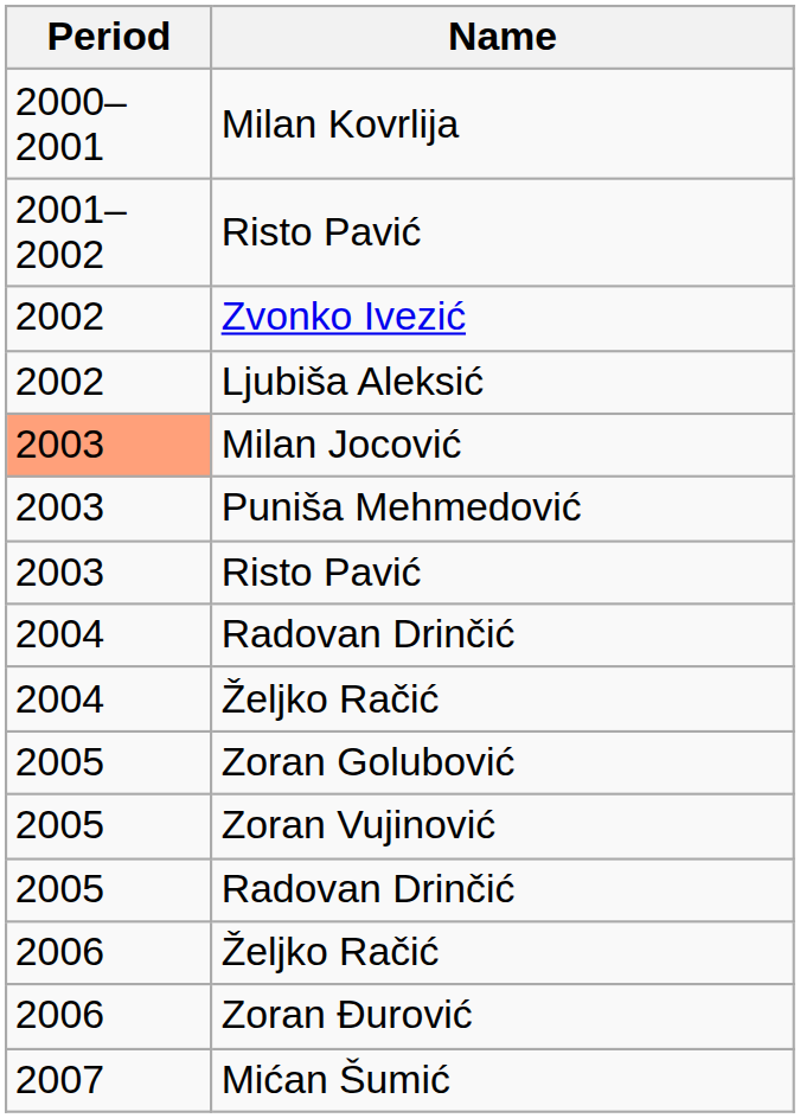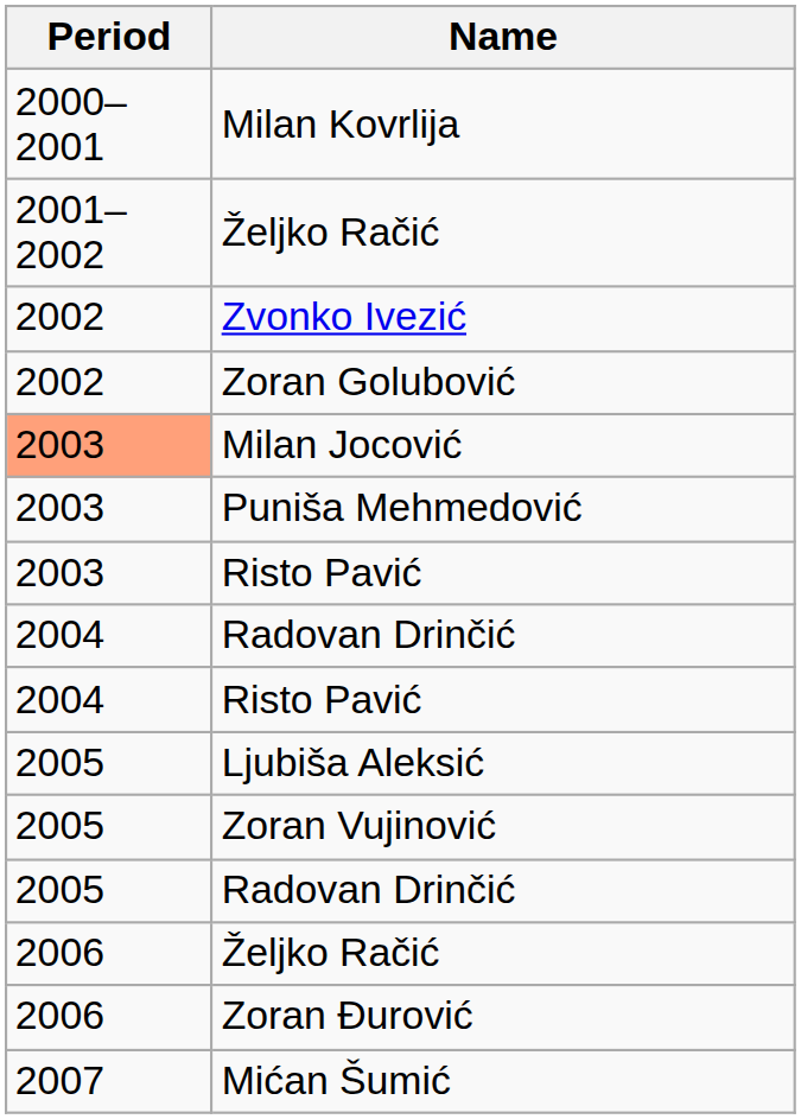 <table class="wikitable">
 <tr>
 <th width="75">Period</th>
 <th width="225">Name</th>
 </tr>
 <tr>
 <td>2000–2001</td>
 <td> Milan Kovrlija</td>
 </tr>
 <tr>
 <td>2001–2002</td>
-<td> Risto Pavić</td>
+<td> Željko Račić</td>
 </tr>
 <tr>
 <td>2002</td>
 <td> <a href='#'>Zvonko Ivezić</a></td>
 </tr>
 <tr>
 <td>2002</td>
-<td> Ljubiša Aleksić</td>
+<td> Zoran Golubović</td>
 </tr>
 <tr>
 <td style="background: lightsalmon;">2003</td>
 <td> Milan Jocović</td>
 </tr>
 <tr>
 <td>2003</td>
 <td> Puniša Mehmedović</td>
 </tr>
 <tr>
 <td>2003</td>
 <td> Risto Pavić</td>
 </tr>
 <tr>
 <td>2004</td>
 <td> Radovan Drinčić</td>
 </tr>
 <tr>
 <td>2004</td>
-<td> Željko Račić</td>
+<td> Risto Pavić</td>
 </tr>
 <tr>
 <td>2005</td>
-<td> Zoran Golubović</td>
+<td> Ljubiša Aleksić</td>
 </tr>
 <tr>
 <td>2005</td>
 <td> Zoran Vujinović</td>
 </tr>
 <tr>
 <td>2005</td>
 <td> Radovan Drinčić</td>
 </tr>
 <tr>
 <td>2006</td>
 <td> Željko Račić</td>
 </tr>
 <tr>
 <td>2006</td>
 <td> Zoran Đurović</td>
 </tr>
 <tr>
 <td>2007</td>
 <td> Mićan Šumić</td>
 </tr>
 </table>
